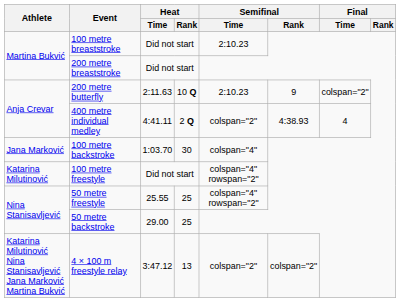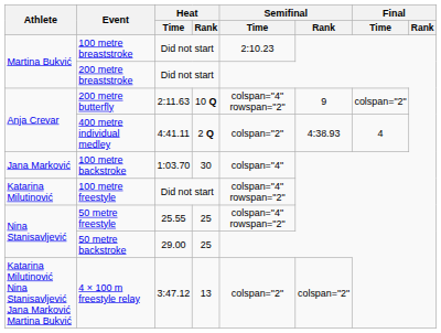 <table class="wikitable" style="text-align:center; font-size:90%; width:50%;">
 <tr>
 <th rowspan="2">Athlete</th>
 <th rowspan="2">Event</th>
 <th colspan="2">Heat</th>
 <th colspan="2">Semifinal</th>
 <th colspan="2">Final</th>
 </tr>
 <tr style="font-size:95%">
 <th>Time</th>
 <th>Rank</th>
 <th>Time</th>
 <th>Rank</th>
 <th>Time</th>
 <th>Rank</th>
 </tr>
 <tr align=center>
 <td align=left rowspan="2"><a href='#'>Martina Bukvić</a></td>
 <td align=left><a href='#'>100 metre breaststroke</a></td>
 <td colspan="2">Did not start</td>
 <td>2:10.23</td>
 </tr>
 <tr align=center>
 <td align=left><a href='#'>200 metre breaststroke</a></td>
 <td colspan="2">Did not start</td>
 </tr>
 <tr align=center>
 <td align=left rowspan="2"><a href='#'>Anja Crevar</a></td>
 <td align=left><a href='#'>200 metre butterfly</a></td>
 <td>2:11.63</td>
 <td>10 <strong>Q</strong></td>
-<td>2:10.23</td>
+<td>colspan="4"  rowspan="2" </td>
 <td>9</td>
 <td>colspan="2" </td>
 </tr>
 <tr align=center>
 <td align=left><a href='#'>400 metre individual medley</a></td>
 <td>4:41.11</td>
 <td>2 <strong>Q</strong></td>
 <td>colspan="2" </td>
 <td>4:38.93</td>
 <td>4</td>
 </tr>
 <tr align=center>
 <td align=left><a href='#'>Jana Marković</a></td>
 <td align=left><a href='#'>100 metre backstroke</a></td>
 <td>1:03.70</td>
 <td>30</td>
 <td>colspan="4" </td>
 </tr>
 <tr align=center>
 <td align=left><a href='#'>Katarina Milutinović</a></td>
 <td align=left><a href='#'>100 metre freestyle</a></td>
 <td colspan="2">Did not start</td>
 <td>colspan="4"  rowspan="2" </td>
 </tr>
 <tr align=center>
 <td align=left rowspan="2"><a href='#'>Nina Stanisavljević</a></td>
 <td align=left><a href='#'>50 metre freestyle</a></td>
 <td>25.55</td>
 <td>25</td>
 <td>colspan="4"  rowspan="2" </td>
 </tr>
 <tr align=center>
 <td align=left><a href='#'>50 metre backstroke</a></td>
 <td>29.00</td>
 <td>25</td>
 </tr>
 <tr>
 <td align=left><a href='#'>Katarina Milutinović</a>  <br><a href='#'>Nina Stanisavljević</a>  <br><a href='#'>Jana Marković</a>  <br><a href='#'>Martina Bukvić</a></td>
 <td align=left><a href='#'>4 × 100 m freestyle relay</a></td>
 <td>3:47.12</td>
 <td>13</td>
 <td>colspan="2"  </td>
 <td>colspan="2"  </td>
 </tr>
 </table>
